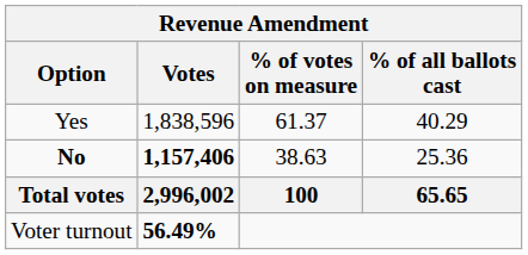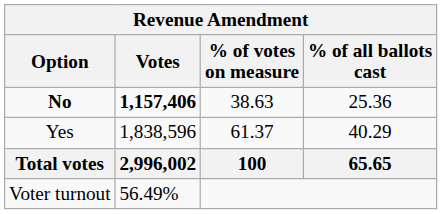 <table class="wikitable">
 <tr>
 <th colspan=4 text align=center>Revenue Amendment</th>
 </tr>
 <tr>
 <th>Option</th>
 <th>Votes</th>
 <th>% of votes<br>on measure</th>
 <th>% of all ballots<br>cast</th>
 </tr>
 <tr>
+<td text align=center><strong>No</strong></td>
+<td text align=center><strong>1,157,406</strong></td>
+<td text align=center>38.63</td>
+<td text align=center>25.36</td>
+</tr>
+<tr>
 <td text align=center>Yes</td>
 <td text align=center>1,838,596</td>
 <td text align=center>61.37</td>
 <td text align=center>40.29</td>
-</tr>
-<tr>
-<td text align=center><strong>No</strong></td>
-<td text align=center><strong>1,157,406</strong></td>
-<td text align=center>38.63</td>
-<td text align=center>25.36</td>
 </tr>
 <tr>
 <th text align=center>Total votes</th>
 <th text align=center><strong>2,996,002</strong></th>
 <th text align=center><strong>100</strong></th>
 <th text align=center><strong>65.65</strong></th>
 </tr>
 <tr>
 <td>Voter turnout</td>
-<td><strong>56.49%</strong></td>
+<td>56.49%</td>
 </tr>
 </table>
